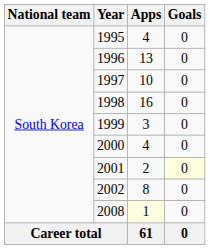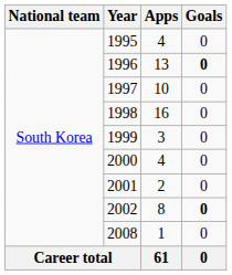 <table class="wikitable" style="text-align:center">
 <tr>
 <th>National team</th>
 <th>Year</th>
 <th>Apps</th>
 <th>Goals</th>
 </tr>
 <tr>
 <td rowspan="9"><a href='#'>South Korea</a></td>
 <td>1995</td>
 <td>4</td>
 <td>0</td>
 </tr>
 <tr>
 <td>1996</td>
 <td>13</td>
-<td>0</td>
+<td><strong>0</strong></td>
 </tr>
 <tr>
 <td>1997</td>
 <td>10</td>
 <td>0</td>
 </tr>
 <tr>
 <td>1998</td>
 <td>16</td>
 <td>0</td>
 </tr>
 <tr>
 <td>1999</td>
 <td>3</td>
 <td>0</td>
 </tr>
 <tr>
 <td>2000</td>
 <td>4</td>
 <td>0</td>
 </tr>
 <tr>
 <td>2001</td>
 <td>2</td>
-<td style="background: lightyellow;">0</td>
+<td>0</td>
 </tr>
 <tr>
 <td>2002</td>
 <td>8</td>
-<td>0</td>
+<td><strong>0</strong></td>
 </tr>
 <tr>
 <td>2008</td>
-<td style="background: lightyellow;">1</td>
+<td>1</td>
 <td>0</td>
 </tr>
 <tr>
 <th colspan="2">Career total</th>
 <th>61</th>
 <th>0</th>
 </tr>
 </table>
